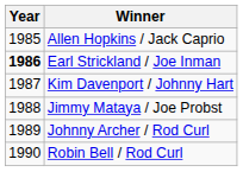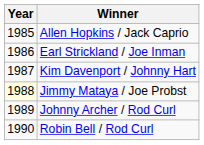 <table class="wikitable sortable">
 <tr>
 <th>Year</th>
 <th>Winner</th>
 </tr>
 <tr>
 <td>1985</td>
 <td> <a href='#'>Allen Hopkins</a> / Jack Caprio</td>
 </tr>
 <tr>
-<td><strong>1986</strong></td>
+<td>1986</td>
 <td> <a href='#'>Earl Strickland</a> / <a href='#'>Joe Inman</a></td>
 </tr>
 <tr>
 <td>1987</td>
 <td> <a href='#'>Kim Davenport</a> / <a href='#'>Johnny Hart</a></td>
 </tr>
 <tr>
-<td>1988</td>
+<td style="background: lightyellow;">1988</td>
 <td> <a href='#'>Jimmy Mataya</a> / Joe Probst</td>
 </tr>
 <tr>
 <td>1989</td>
 <td> <a href='#'>Johnny Archer</a> / <a href='#'>Rod Curl</a></td>
 </tr>
 <tr>
 <td>1990</td>
 <td> <a href='#'>Robin Bell</a> / <a href='#'>Rod Curl</a></td>
 </tr>
 </table>
